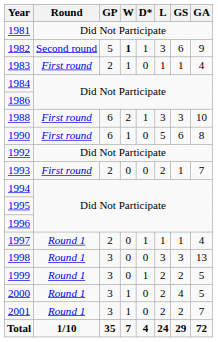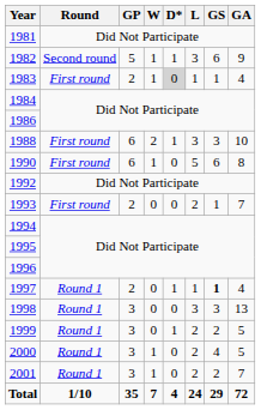 <table class="wikitable" style="text-align: center;">
 <tr>
 <th>Year</th>
 <th>Round</th>
 <th>GP</th>
 <th>W</th>
 <th>D*</th>
 <th>L</th>
 <th>GS</th>
 <th>GA</th>
 </tr>
 <tr>
 <td> <a href='#'>1981</a></td>
 <td rowspan=1 colspan=8>Did Not Participate</td>
 </tr>
 <tr>
 <td> <a href='#'>1982</a></td>
 <td><a href='#'>Second round</a></td>
 <td>5</td>
-<td><strong>1</strong></td>
+<td>1</td>
 <td>1</td>
 <td>3</td>
 <td>6</td>
 <td>9</td>
 </tr>
 <tr>
 <td> <a href='#'>1983</a></td>
 <td><em><a href='#'>First round</a></em></td>
 <td>2</td>
 <td>1</td>
-<td>0</td>
+<td style="background: lightgrey;">0</td>
 <td>1</td>
 <td>1</td>
 <td>4</td>
 </tr>
 <tr>
 <td> <a href='#'>1984</a></td>
 <td rowspan=2 colspan=8>Did Not Participate</td>
 </tr>
 <tr>
 <td> <a href='#'>1986</a></td>
 </tr>
 <tr>
 <td> <a href='#'>1988</a></td>
 <td><em><a href='#'>First round</a></em></td>
 <td>6</td>
 <td>2</td>
 <td>1</td>
 <td>3</td>
 <td>3</td>
 <td>10</td>
 </tr>
 <tr>
 <td> <a href='#'>1990</a></td>
 <td><em><a href='#'>First round</a></em></td>
 <td>6</td>
 <td>1</td>
 <td>0</td>
 <td>5</td>
 <td>6</td>
 <td>8</td>
 </tr>
 <tr>
 <td> <a href='#'>1992</a></td>
 <td colspan=8>Did Not Participate</td>
 </tr>
 <tr>
 <td> <a href='#'>1993</a></td>
 <td><em><a href='#'>First round</a></em></td>
 <td>2</td>
 <td>0</td>
 <td>0</td>
 <td>2</td>
 <td>1</td>
 <td>7</td>
 </tr>
 <tr>
 <td> <a href='#'>1994</a></td>
 <td rowspan=3 colspan=8>Did Not Participate</td>
 </tr>
 <tr>
 <td> <a href='#'>1995</a></td>
 </tr>
 <tr>
 <td>  <a href='#'>1996</a></td>
 </tr>
 <tr>
 <td> <a href='#'>1997</a></td>
 <td><em><a href='#'>Round 1</a></em></td>
 <td>2</td>
 <td>0</td>
 <td>1</td>
 <td>1</td>
-<td>1</td>
+<td><strong>1</strong></td>
 <td>4</td>
 </tr>
 <tr>
 <td> <a href='#'>1998</a></td>
 <td><em><a href='#'>Round 1</a></em></td>
 <td>3</td>
 <td>0</td>
 <td>0</td>
 <td>3</td>
 <td>3</td>
 <td>13</td>
 </tr>
 <tr>
 <td> <a href='#'>1999</a></td>
 <td><em><a href='#'>Round 1</a></em></td>
 <td>3</td>
 <td>0</td>
 <td>1</td>
 <td>2</td>
 <td>2</td>
 <td>5</td>
 </tr>
 <tr>
 <td> <a href='#'>2000</a></td>
 <td><em><a href='#'>Round 1</a></em></td>
 <td>3</td>
 <td>1</td>
 <td>0</td>
 <td>2</td>
 <td>4</td>
 <td>5</td>
 </tr>
 <tr>
 <td> <a href='#'>2001</a></td>
 <td><em><a href='#'>Round 1</a></em></td>
 <td>3</td>
 <td>1</td>
 <td>0</td>
 <td>2</td>
 <td>2</td>
 <td>7</td>
 </tr>
 <tr>
 <td><strong>Total</strong></td>
 <td><strong>1/10</strong></td>
 <td><strong>35</strong></td>
 <td><strong>7</strong></td>
 <td><strong>4</strong></td>
 <td><strong>24</strong></td>
 <td><strong>29</strong></td>
 <td><strong>72</strong></td>
 </tr>
 </table>
